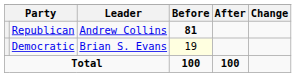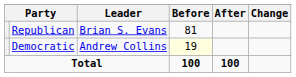 <table class="wikitable" style="text-align:center;">
 <tr>
 </tr>
 <tr>
 <th colspan=2>Party</th>
 <th>Leader</th>
 <th style="width:3em">Before</th>
 <th style="width:3em">After</th>
 <th style="width:3em">Change</th>
 </tr>
 <tr>
 <th style="background-color:"></th>
 <td style="text-align:left;"><a href='#'>Republican</a></td>
-<td style="text-align:left;"><a href='#'>Andrew Collins</a></td>
-<td><strong>81</strong></td>
+<td style="text-align:left;"><a href='#'>Brian S. Evans</a></td>
+<td>81</td>
 <td></td>
 <td></td>
 </tr>
 <tr>
 <th style="background-color:"></th>
 <td style="text-align:left;"><a href='#'>Democratic</a></td>
-<td style="text-align:left;"><a href='#'>Brian S. Evans</a></td>
+<td style="text-align:left;"><a href='#'>Andrew Collins</a></td>
 <td style="background: lightyellow;">19</td>
 <td></td>
 <td></td>
 </tr>
 <tr>
 <td colspan=3><strong>Total</strong></td>
 <td><strong>100</strong></td>
 <td><strong>100</strong></td>
 <td></td>
 </tr>
 </table>
